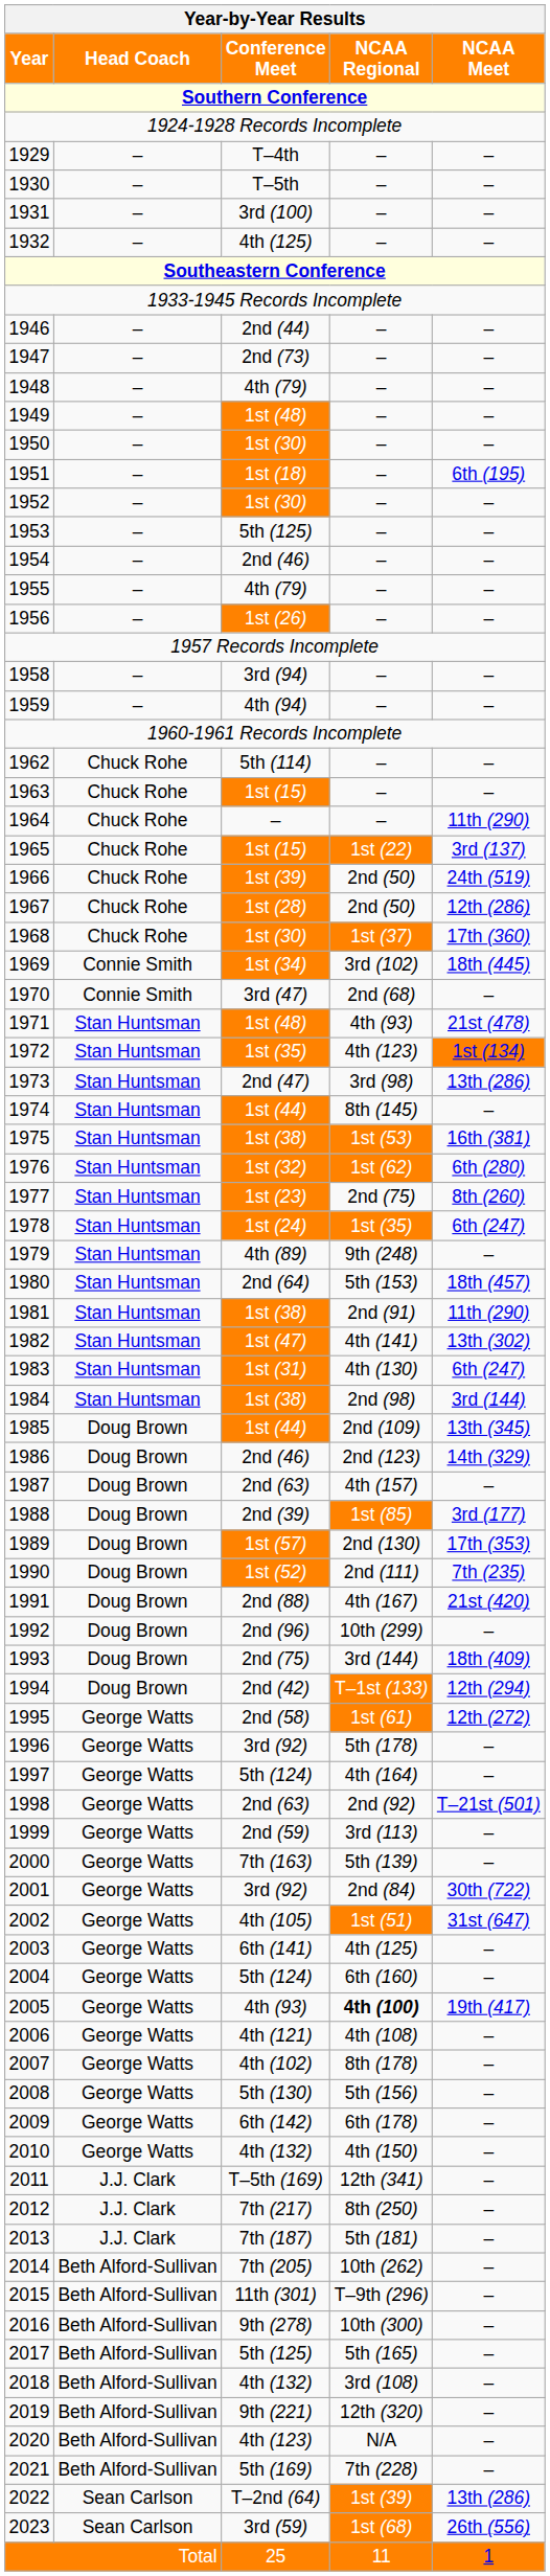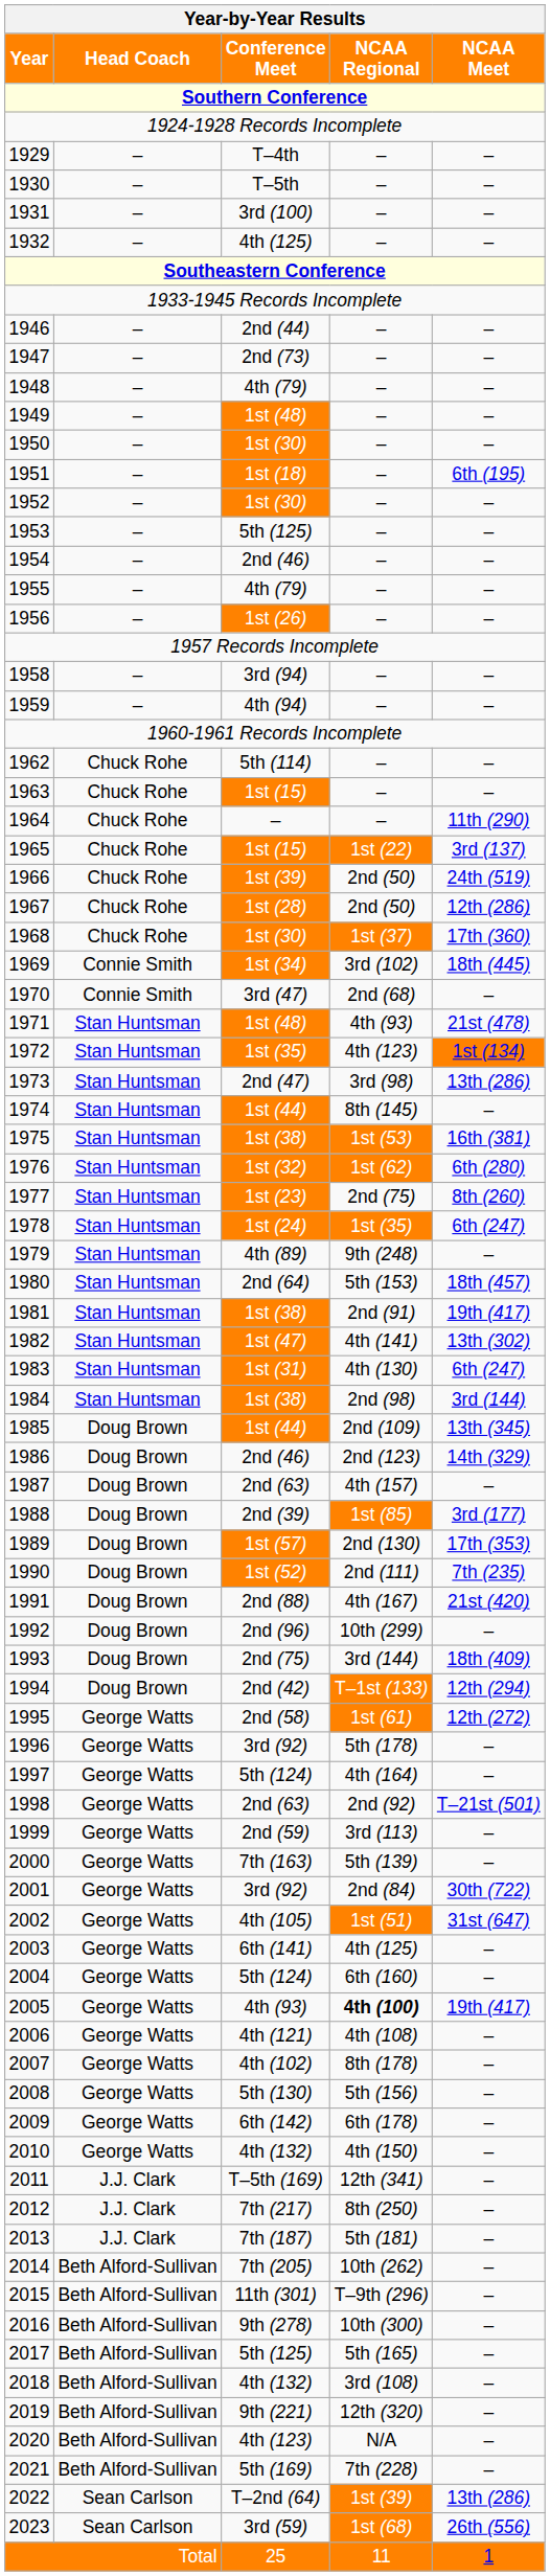 <table class="wikitable" style="text-align:center">
 <tr>
 <th colspan="5">Year-by-Year Results</th>
 </tr>
 <tr align="center">
 <th style= "background: #FF8200; color:#FFFFFF;">Year</th>
 <th style="background: #FF8200; color:#FFFFFF;">Head Coach</th>
 <th style="background: #FF8200; color:white">Conference<br>Meet</th>
 <th style="background: #FF8200; color:white;">NCAA<br>Regional</th>
 <th style="background: #FF8200; color:#FFFFFF;">NCAA<br>Meet</th>
 </tr>
 <tr style="background: #ffffdd;">
 <td colspan="5"><strong><a href='#'>Southern Conference</a></strong></td>
 </tr>
 <tr>
 <td colspan="5"><em>1924-1928 Records Incomplete</em></td>
 </tr>
 <tr>
 <td>1929</td>
 <td>–</td>
 <td>T–4th</td>
 <td>–</td>
 <td>–</td>
 </tr>
 <tr>
 <td>1930</td>
 <td>–</td>
 <td>T–5th</td>
 <td>–</td>
 <td>–</td>
 </tr>
 <tr>
 <td>1931</td>
 <td>–</td>
 <td>3rd <em>(100)</em></td>
 <td>–</td>
 <td>–</td>
 </tr>
 <tr>
 <td>1932</td>
 <td>–</td>
 <td>4th <em>(125)</em></td>
 <td>–</td>
 <td>–</td>
 </tr>
 <tr style="background: #ffffdd;">
 <td colspan="5"><strong><a href='#'>Southeastern Conference</a></strong></td>
 </tr>
 <tr>
 <td colspan="5"><em>1933-1945 Records Incomplete</em></td>
 </tr>
 <tr>
 <td>1946</td>
 <td>–</td>
 <td>2nd <em>(44)</em></td>
 <td>–</td>
 <td>–</td>
 </tr>
 <tr>
 <td>1947</td>
 <td>–</td>
 <td>2nd <em>(73)</em></td>
 <td>–</td>
 <td>–</td>
 </tr>
 <tr>
 <td>1948</td>
 <td>–</td>
 <td>4th <em>(79)</em></td>
 <td>–</td>
 <td>–</td>
 </tr>
 <tr>
 <td>1949</td>
 <td>–</td>
 <td style="background: #FF8200; color:#FFFFFF;">1st <em>(48)</em></td>
 <td>–</td>
 <td>–</td>
 </tr>
 <tr>
 <td>1950</td>
 <td>–</td>
 <td style="background: #FF8200; color:#FFFFFF;">1st <em>(30)</em></td>
 <td>–</td>
 <td>–</td>
 </tr>
 <tr>
 <td>1951</td>
 <td>–</td>
 <td style="background: #FF8200; color:#FFFFFF;">1st <em>(18)</em></td>
 <td>–</td>
 <td><a href='#'>6th <em>(195)</em></a></td>
 </tr>
 <tr>
 <td>1952</td>
 <td>–</td>
 <td style="background: #FF8200; color:#FFFFFF;">1st <em>(30)</em></td>
 <td>–</td>
 <td>–</td>
 </tr>
 <tr>
 <td>1953</td>
 <td>–</td>
 <td>5th <em>(125)</em></td>
 <td>–</td>
 <td>–</td>
 </tr>
 <tr>
 <td>1954</td>
 <td>–</td>
 <td>2nd <em>(46)</em></td>
 <td>–</td>
 <td>–</td>
 </tr>
 <tr>
 <td>1955</td>
 <td>–</td>
 <td>4th <em>(79)</em></td>
 <td>–</td>
 <td>–</td>
 </tr>
 <tr>
 <td>1956</td>
 <td>–</td>
 <td style="background: #FF8200; color:#FFFFFF;">1st <em>(26)</em></td>
 <td>–</td>
 <td>–</td>
 </tr>
 <tr>
 <td colspan="5"><em>1957 Records Incomplete</em></td>
 </tr>
 <tr>
 <td>1958</td>
 <td>–</td>
 <td>3rd <em>(94)</em></td>
 <td>–</td>
 <td>–</td>
 </tr>
 <tr>
 <td>1959</td>
 <td>–</td>
 <td>4th <em>(94)</em></td>
 <td>–</td>
 <td>–</td>
 </tr>
 <tr>
 <td colspan="5"><em>1960-1961 Records Incomplete</em></td>
 </tr>
 <tr>
 <td>1962</td>
 <td>Chuck Rohe</td>
 <td>5th <em>(114)</em></td>
 <td>–</td>
 <td>–</td>
 </tr>
 <tr>
 <td>1963</td>
 <td>Chuck Rohe</td>
 <td style="background: #FF8200; color:#FFFFFF;">1st <em>(15)</em></td>
 <td>–</td>
 <td>–</td>
 </tr>
 <tr>
 <td>1964</td>
 <td>Chuck Rohe</td>
 <td>–</td>
 <td>–</td>
 <td><a href='#'>11th <em>(290)</em></a></td>
 </tr>
 <tr>
 <td>1965</td>
 <td>Chuck Rohe</td>
 <td style="background: #FF8200; color:#FFFFFF;">1st <em>(15)</em></td>
 <td style="background: #FF8200; color:#FFFFFF;">1st <em>(22)</em></td>
 <td><a href='#'>3rd <em>(137)</em></a></td>
 </tr>
 <tr>
 <td>1966</td>
 <td>Chuck Rohe</td>
 <td style="background: #FF8200; color:#FFFFFF;">1st <em>(39)</em></td>
 <td>2nd <em>(50)</em></td>
 <td><a href='#'>24th <em>(519)</em></a></td>
 </tr>
 <tr>
 <td>1967</td>
 <td>Chuck Rohe</td>
 <td style="background: #FF8200; color:#FFFFFF;">1st <em>(28)</em></td>
 <td>2nd <em>(50)</em></td>
 <td><a href='#'>12th <em>(286)</em></a></td>
 </tr>
 <tr>
 <td>1968</td>
 <td>Chuck Rohe</td>
 <td style="background: #FF8200; color:#FFFFFF;">1st <em>(30)</em></td>
 <td style="background: #FF8200; color:#FFFFFF;">1st <em>(37)</em></td>
 <td><a href='#'>17th <em>(360)</em></a></td>
 </tr>
 <tr>
 <td>1969</td>
 <td>Connie Smith</td>
 <td style="background: #FF8200; color:#FFFFFF;">1st <em>(34)</em></td>
 <td>3rd <em>(102)</em></td>
 <td><a href='#'>18th <em>(445)</em></a></td>
 </tr>
 <tr>
 <td>1970</td>
 <td>Connie Smith</td>
 <td>3rd <em>(47)</em></td>
 <td>2nd <em>(68)</em></td>
 <td>–</td>
 </tr>
 <tr>
 <td>1971</td>
 <td><a href='#'>Stan Huntsman</a></td>
 <td style="background: #FF8200; color:#FFFFFF;">1st <em>(48)</em></td>
 <td>4th <em>(93)</em></td>
 <td><a href='#'>21st <em>(478)</em></a></td>
 </tr>
 <tr>
 <td>1972</td>
 <td><a href='#'>Stan Huntsman</a></td>
 <td style="background: #FF8200; color:#FFFFFF;">1st <em>(35)</em></td>
 <td>4th <em>(123)</em></td>
 <td style="background: #FF8200; color:#FFFFFF;"><a href='#'>1st <em>(134)</em></a></td>
 </tr>
 <tr>
 <td>1973</td>
 <td><a href='#'>Stan Huntsman</a></td>
 <td>2nd <em>(47)</em></td>
 <td>3rd <em>(98)</em></td>
 <td><a href='#'>13th <em>(286)</em></a></td>
 </tr>
 <tr>
 <td>1974</td>
 <td><a href='#'>Stan Huntsman</a></td>
 <td style="background: #FF8200; color:#FFFFFF;">1st <em>(44)</em></td>
 <td>8th <em>(145)</em></td>
 <td>–</td>
 </tr>
 <tr>
 <td>1975</td>
 <td><a href='#'>Stan Huntsman</a></td>
 <td style="background: #FF8200; color:#FFFFFF;">1st <em>(38)</em></td>
 <td style="background: #FF8200; color:#FFFFFF;">1st <em>(53)</em></td>
 <td><a href='#'>16th <em>(381)</em></a></td>
 </tr>
 <tr>
 <td>1976</td>
 <td><a href='#'>Stan Huntsman</a></td>
 <td style="background: #FF8200; color:#FFFFFF;">1st <em>(32)</em></td>
 <td style="background: #FF8200; color:#FFFFFF;">1st <em>(62)</em></td>
 <td><a href='#'>6th <em>(280)</em></a></td>
 </tr>
 <tr>
 <td>1977</td>
 <td><a href='#'>Stan Huntsman</a></td>
 <td style="background: #FF8200; color:#FFFFFF;">1st <em>(23)</em></td>
 <td>2nd <em>(75)</em></td>
 <td><a href='#'>8th <em>(260)</em></a></td>
 </tr>
 <tr>
 <td>1978</td>
 <td><a href='#'>Stan Huntsman</a></td>
 <td style="background: #FF8200; color:#FFFFFF;">1st <em>(24)</em></td>
 <td style="background: #FF8200; color:#FFFFFF;">1st <em>(35)</em></td>
 <td><a href='#'>6th <em>(247)</em></a></td>
 </tr>
 <tr>
 <td>1979</td>
 <td><a href='#'>Stan Huntsman</a></td>
 <td>4th <em>(89)</em></td>
 <td>9th <em>(248)</em></td>
 <td>–</td>
 </tr>
 <tr>
 <td>1980</td>
 <td><a href='#'>Stan Huntsman</a></td>
 <td>2nd <em>(64)</em></td>
 <td>5th <em>(153)</em></td>
 <td><a href='#'>18th <em>(457)</em></a></td>
 </tr>
 <tr>
 <td>1981</td>
 <td><a href='#'>Stan Huntsman</a></td>
 <td style="background: #FF8200; color:#FFFFFF;">1st <em>(38)</em></td>
 <td>2nd <em>(91)</em></td>
-<td><a href='#'>11th <em>(290)</em></a></td>
+<td><a href='#'>19th <em>(417)</em></a></td>
 </tr>
 <tr>
 <td>1982</td>
 <td><a href='#'>Stan Huntsman</a></td>
 <td style="background: #FF8200; color:#FFFFFF;">1st <em>(47)</em></td>
 <td>4th <em>(141)</em></td>
 <td><a href='#'>13th <em>(302)</em></a></td>
 </tr>
 <tr>
 <td>1983</td>
 <td><a href='#'>Stan Huntsman</a></td>
 <td style="background: #FF8200; color:#FFFFFF;">1st <em>(31)</em></td>
 <td>4th <em>(130)</em></td>
 <td><a href='#'>6th <em>(247)</em></a></td>
 </tr>
 <tr>
 <td>1984</td>
 <td><a href='#'>Stan Huntsman</a></td>
 <td style="background: #FF8200; color:#FFFFFF;">1st <em>(38)</em></td>
 <td>2nd <em>(98)</em></td>
 <td><a href='#'>3rd <em>(144)</em></a></td>
 </tr>
 <tr>
 <td>1985</td>
 <td>Doug Brown</td>
 <td style="background: #FF8200; color:#FFFFFF;">1st <em>(44)</em></td>
 <td>2nd <em>(109)</em></td>
 <td><a href='#'>13th <em>(345)</em></a></td>
 </tr>
 <tr>
 <td>1986</td>
 <td>Doug Brown</td>
 <td>2nd <em>(46)</em></td>
 <td>2nd <em>(123)</em></td>
 <td><a href='#'>14th <em>(329)</em></a></td>
 </tr>
 <tr>
 <td>1987</td>
 <td>Doug Brown</td>
 <td>2nd <em>(63)</em></td>
 <td>4th <em>(157)</em></td>
 <td>–</td>
 </tr>
 <tr>
 <td>1988</td>
 <td>Doug Brown</td>
 <td>2nd <em>(39)</em></td>
 <td style="background: #FF8200; color:#FFFFFF;">1st <em>(85)</em></td>
 <td><a href='#'>3rd <em>(177)</em></a></td>
 </tr>
 <tr>
 <td>1989</td>
 <td>Doug Brown</td>
 <td style="background: #FF8200; color:#FFFFFF;">1st <em>(57)</em></td>
 <td>2nd <em>(130)</em></td>
 <td><a href='#'>17th <em>(353)</em></a></td>
 </tr>
 <tr>
 <td>1990</td>
 <td>Doug Brown</td>
 <td style="background: #FF8200; color:#FFFFFF;">1st <em>(52)</em></td>
 <td>2nd <em>(111)</em></td>
 <td><a href='#'>7th <em>(235)</em></a></td>
 </tr>
 <tr>
 <td>1991</td>
 <td>Doug Brown</td>
 <td>2nd <em>(88)</em></td>
 <td>4th <em>(167)</em></td>
 <td><a href='#'>21st <em>(420)</em></a></td>
 </tr>
 <tr>
 <td>1992</td>
 <td>Doug Brown</td>
 <td>2nd <em>(96)</em></td>
 <td>10th <em>(299)</em></td>
 <td>–</td>
 </tr>
 <tr>
 <td>1993</td>
 <td>Doug Brown</td>
 <td>2nd <em>(75)</em></td>
 <td>3rd <em>(144)</em></td>
 <td><a href='#'>18th <em>(409)</em></a></td>
 </tr>
 <tr>
 <td>1994</td>
 <td>Doug Brown</td>
 <td>2nd <em>(42)</em></td>
 <td style="background: #FF8200; color:#FFFFFF;">T–1st <em>(133)</em></td>
 <td><a href='#'>12th <em>(294)</em></a></td>
 </tr>
 <tr>
 <td>1995</td>
 <td>George Watts</td>
 <td>2nd <em>(58)</em></td>
 <td style="background: #FF8200; color:#FFFFFF;">1st <em>(61)</em></td>
 <td><a href='#'>12th <em>(272)</em></a></td>
 </tr>
 <tr>
 <td>1996</td>
 <td>George Watts</td>
 <td>3rd <em>(92)</em></td>
 <td>5th <em>(178)</em></td>
 <td>–</td>
 </tr>
 <tr>
 <td>1997</td>
 <td>George Watts</td>
 <td>5th <em>(124)</em></td>
 <td>4th <em>(164)</em></td>
 <td>–</td>
 </tr>
 <tr>
 <td>1998</td>
 <td>George Watts</td>
 <td>2nd <em>(63)</em></td>
 <td>2nd <em>(92)</em></td>
 <td><a href='#'>T–21st <em>(501)</em></a></td>
 </tr>
 <tr>
 <td>1999</td>
 <td>George Watts</td>
 <td>2nd <em>(59)</em></td>
 <td>3rd <em>(113)</em></td>
 <td>–</td>
 </tr>
 <tr>
 <td>2000</td>
 <td>George Watts</td>
 <td>7th <em>(163)</em></td>
 <td>5th <em>(139)</em></td>
 <td>–</td>
 </tr>
 <tr>
 <td>2001</td>
 <td>George Watts</td>
 <td>3rd <em>(92)</em></td>
 <td>2nd <em>(84)</em></td>
 <td><a href='#'>30th <em>(722)</em></a></td>
 </tr>
 <tr>
 <td>2002</td>
 <td>George Watts</td>
 <td>4th <em>(105)</em></td>
 <td style="background: #FF8200; color:#FFFFFF;">1st <em>(51)</em></td>
 <td><a href='#'>31st <em>(647)</em></a></td>
 </tr>
 <tr>
 <td>2003</td>
 <td>George Watts</td>
 <td>6th <em>(141)</em></td>
 <td>4th <em>(125)</em></td>
 <td>–</td>
 </tr>
 <tr>
 <td>2004</td>
 <td>George Watts</td>
 <td>5th <em>(124)</em></td>
 <td>6th <em>(160)</em></td>
 <td>–</td>
 </tr>
 <tr>
 <td>2005</td>
 <td>George Watts</td>
 <td>4th <em>(93)</em></td>
 <td><strong>4th <em>(100)</em></strong></td>
 <td><a href='#'>19th <em>(417)</em></a></td>
 </tr>
 <tr>
 <td>2006</td>
 <td>George Watts</td>
 <td>4th <em>(121)</em></td>
 <td>4th <em>(108)</em></td>
 <td>–</td>
 </tr>
 <tr>
 <td>2007</td>
 <td>George Watts</td>
 <td>4th <em>(102)</em></td>
 <td>8th <em>(178)</em></td>
 <td>–</td>
 </tr>
 <tr>
 <td>2008</td>
 <td>George Watts</td>
 <td>5th <em>(130)</em></td>
 <td>5th <em>(156)</em></td>
 <td>–</td>
 </tr>
 <tr>
 <td>2009</td>
 <td>George Watts</td>
 <td>6th <em>(142)</em></td>
 <td>6th <em>(178)</em></td>
 <td>–</td>
 </tr>
 <tr>
 <td>2010</td>
 <td>George Watts</td>
 <td>4th <em>(132)</em></td>
 <td>4th <em>(150)</em></td>
 <td>–</td>
 </tr>
 <tr>
 <td>2011</td>
 <td>J.J. Clark</td>
 <td>T–5th <em>(169)</em></td>
 <td>12th <em>(341)</em></td>
 <td>–</td>
 </tr>
 <tr>
 <td>2012</td>
 <td>J.J. Clark</td>
 <td>7th <em>(217)</em></td>
 <td>8th <em>(250)</em></td>
 <td>–</td>
 </tr>
 <tr>
 <td>2013</td>
 <td>J.J. Clark</td>
 <td>7th <em>(187)</em></td>
 <td>5th <em>(181)</em></td>
 <td>–</td>
 </tr>
 <tr>
 <td>2014</td>
 <td>Beth Alford-Sullivan</td>
 <td>7th <em>(205)</em></td>
 <td>10th <em>(262)</em></td>
 <td>–</td>
 </tr>
 <tr>
 <td>2015</td>
 <td>Beth Alford-Sullivan</td>
 <td>11th <em>(301)</em></td>
 <td>T–9th <em>(296)</em></td>
 <td>–</td>
 </tr>
 <tr>
 <td>2016</td>
 <td>Beth Alford-Sullivan</td>
 <td>9th <em>(278)</em></td>
 <td>10th <em>(300)</em></td>
 <td>–</td>
 </tr>
 <tr>
 <td>2017</td>
 <td>Beth Alford-Sullivan</td>
 <td>5th <em>(125)</em></td>
 <td>5th <em>(165)</em></td>
 <td>–</td>
 </tr>
 <tr>
 <td>2018</td>
 <td>Beth Alford-Sullivan</td>
 <td>4th <em>(132)</em></td>
 <td>3rd <em>(108)</em></td>
 <td>–</td>
 </tr>
 <tr>
 <td>2019</td>
 <td>Beth Alford-Sullivan</td>
 <td>9th <em>(221)</em></td>
 <td>12th <em>(320)</em></td>
 <td>–</td>
 </tr>
 <tr>
 <td>2020</td>
 <td>Beth Alford-Sullivan</td>
 <td>4th <em>(123)</em></td>
 <td>N/A</td>
 <td>–</td>
 </tr>
 <tr>
 <td>2021</td>
 <td>Beth Alford-Sullivan</td>
 <td>5th <em>(169)</em></td>
 <td>7th <em>(228)</em></td>
 <td>–</td>
 </tr>
 <tr>
 <td>2022</td>
 <td>Sean Carlson</td>
 <td>T–2nd <em>(64)</em></td>
 <td style="background: #FF8200; color:#FFFFFF;">1st <em>(39)</em></td>
 <td><a href='#'>13th <em>(286)</em></a></td>
 </tr>
 <tr>
 <td>2023</td>
 <td>Sean Carlson</td>
 <td>3rd <em>(59)</em></td>
 <td style="background: #FF8200; color:#FFFFFF;">1st <em>(68)</em></td>
 <td><a href='#'>26th <em>(556)</em></a></td>
 </tr>
 <tr style="background: #FF8200; color:white">
 <td colspan="2" align="right">Total</td>
 <td>25</td>
 <td>11</td>
 <td><a href='#'>1</a></td>
 </tr>
 </table>
